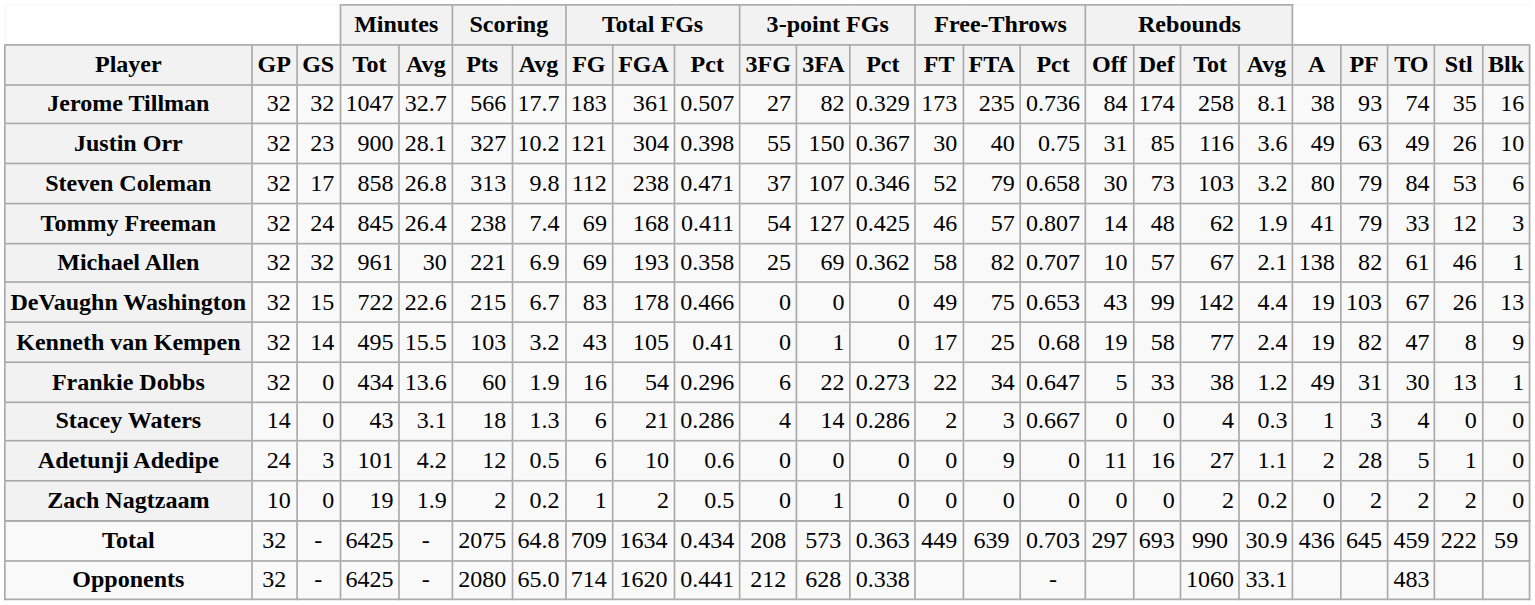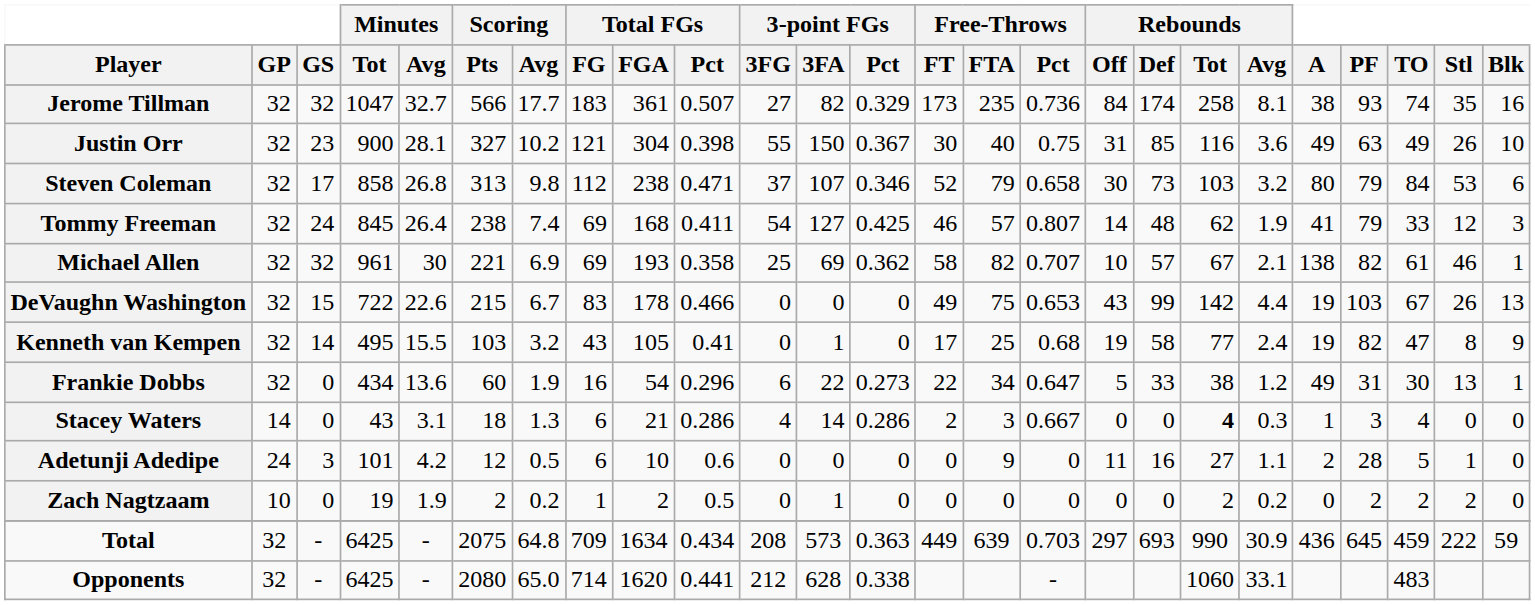 <table class="wikitable sortable" border="1" style="font-size:90%;">
 <tr>
 <th colspan="3" style="border-top-style:hidden; border-left-style:hidden; background: white;"></th>
 <th colspan="2" style=>Minutes</th>
 <th colspan="2" style=>Scoring</th>
 <th colspan="3" style=>Total FGs</th>
 <th colspan="3" style=>3-point FGs</th>
 <th colspan="3" style=>Free-Throws</th>
 <th colspan="4" style=>Rebounds</th>
 <th colspan="5" style="border-top-style:hidden; border-right-style:hidden; background: white;"></th>
 </tr>
 <tr>
 <th scope="col" style=>Player</th>
 <th scope="col" style=>GP</th>
 <th scope="col" style=>GS</th>
 <th scope="col" style=>Tot</th>
 <th scope="col" style=>Avg</th>
 <th scope="col" style=>Pts</th>
 <th scope="col" style=>Avg</th>
 <th scope="col" style=>FG</th>
 <th scope="col" style=>FGA</th>
 <th scope="col" style=>Pct</th>
 <th scope="col" style=>3FG</th>
 <th scope="col" style=>3FA</th>
 <th scope="col" style=>Pct</th>
 <th scope="col" style=>FT</th>
 <th scope="col" style=>FTA</th>
 <th scope="col" style=>Pct</th>
 <th scope="col" style=>Off</th>
 <th scope="col" style=>Def</th>
 <th scope="col" style=>Tot</th>
 <th scope="col" style=>Avg</th>
 <th scope="col" style=>A</th>
 <th scope="col" style=>PF</th>
 <th scope="col" style=>TO</th>
 <th scope="col" style=>Stl</th>
 <th scope="col" style=>Blk</th>
 </tr>
 <tr>
 <th>Jerome Tillman</th>
 <td align="right">32</td>
 <td align="right">32</td>
 <td align="right">1047</td>
 <td align="right">32.7</td>
 <td align="right">566</td>
 <td align="right">17.7</td>
 <td align="right">183</td>
 <td align="right">361</td>
 <td align="right">0.507</td>
 <td align="right">27</td>
 <td align="right">82</td>
 <td align="right">0.329</td>
 <td align="right">173</td>
 <td align="right">235</td>
 <td align="right">0.736</td>
 <td align="right">84</td>
 <td align="right">174</td>
 <td align="right">258</td>
 <td align="right">8.1</td>
 <td align="right">38</td>
 <td align="right">93</td>
 <td align="right">74</td>
 <td align="right">35</td>
 <td align="right">16</td>
 </tr>
 <tr>
 <th>Justin Orr</th>
 <td align="right">32</td>
 <td align="right">23</td>
 <td align="right">900</td>
 <td align="right">28.1</td>
 <td align="right">327</td>
 <td align="right">10.2</td>
 <td align="right">121</td>
 <td align="right">304</td>
 <td align="right">0.398</td>
 <td align="right">55</td>
 <td align="right">150</td>
 <td align="right">0.367</td>
 <td align="right">30</td>
 <td align="right">40</td>
 <td align="right">0.75</td>
 <td align="right">31</td>
 <td align="right">85</td>
 <td align="right">116</td>
 <td align="right">3.6</td>
 <td align="right">49</td>
 <td align="right">63</td>
 <td align="right">49</td>
 <td align="right">26</td>
 <td align="right">10</td>
 </tr>
 <tr>
 <th>Steven Coleman</th>
 <td align="right">32</td>
 <td align="right">17</td>
 <td align="right">858</td>
 <td align="right">26.8</td>
 <td align="right">313</td>
 <td align="right">9.8</td>
 <td align="right">112</td>
 <td align="right">238</td>
 <td align="right">0.471</td>
 <td align="right">37</td>
 <td align="right">107</td>
 <td align="right">0.346</td>
 <td align="right">52</td>
 <td align="right">79</td>
 <td align="right">0.658</td>
 <td align="right">30</td>
 <td align="right">73</td>
 <td align="right">103</td>
 <td align="right">3.2</td>
 <td align="right">80</td>
 <td align="right">79</td>
 <td align="right">84</td>
 <td align="right">53</td>
 <td align="right">6</td>
 </tr>
 <tr>
 <th>Tommy Freeman</th>
 <td align="right">32</td>
 <td align="right">24</td>
 <td align="right">845</td>
 <td align="right">26.4</td>
 <td align="right">238</td>
 <td align="right">7.4</td>
 <td align="right">69</td>
 <td align="right">168</td>
 <td align="right">0.411</td>
 <td align="right">54</td>
 <td align="right">127</td>
 <td align="right">0.425</td>
 <td align="right">46</td>
 <td align="right">57</td>
 <td align="right">0.807</td>
 <td align="right">14</td>
 <td align="right">48</td>
 <td align="right">62</td>
 <td align="right">1.9</td>
 <td align="right">41</td>
 <td align="right">79</td>
 <td align="right">33</td>
 <td align="right">12</td>
 <td align="right">3</td>
 </tr>
 <tr>
 <th>Michael Allen</th>
 <td align="right">32</td>
 <td align="right">32</td>
 <td align="right">961</td>
 <td align="right">30</td>
 <td align="right">221</td>
 <td align="right">6.9</td>
 <td align="right">69</td>
 <td align="right">193</td>
 <td align="right">0.358</td>
 <td align="right">25</td>
 <td align="right">69</td>
 <td align="right">0.362</td>
 <td align="right">58</td>
 <td align="right">82</td>
 <td align="right">0.707</td>
 <td align="right">10</td>
 <td align="right">57</td>
 <td align="right">67</td>
 <td align="right">2.1</td>
 <td align="right">138</td>
 <td align="right">82</td>
 <td align="right">61</td>
 <td align="right">46</td>
 <td align="right">1</td>
 </tr>
 <tr>
 <th>DeVaughn Washington</th>
 <td align="right">32</td>
 <td align="right">15</td>
 <td align="right">722</td>
 <td align="right">22.6</td>
 <td align="right">215</td>
 <td align="right">6.7</td>
 <td align="right">83</td>
 <td align="right">178</td>
 <td align="right">0.466</td>
 <td align="right">0</td>
 <td align="right">0</td>
 <td align="right">0</td>
 <td align="right">49</td>
 <td align="right">75</td>
 <td align="right">0.653</td>
 <td align="right">43</td>
 <td align="right">99</td>
 <td align="right">142</td>
 <td align="right">4.4</td>
 <td align="right">19</td>
 <td align="right">103</td>
 <td align="right">67</td>
 <td align="right">26</td>
 <td align="right">13</td>
 </tr>
 <tr>
 <th>Kenneth van Kempen</th>
 <td align="right">32</td>
 <td align="right">14</td>
 <td align="right">495</td>
 <td align="right">15.5</td>
 <td align="right">103</td>
 <td align="right">3.2</td>
 <td align="right">43</td>
 <td align="right">105</td>
 <td align="right">0.41</td>
 <td align="right">0</td>
 <td align="right">1</td>
 <td align="right">0</td>
 <td align="right">17</td>
 <td align="right">25</td>
 <td align="right">0.68</td>
 <td align="right">19</td>
 <td align="right">58</td>
 <td align="right">77</td>
 <td align="right">2.4</td>
 <td align="right">19</td>
 <td align="right">82</td>
 <td align="right">47</td>
 <td align="right">8</td>
 <td align="right">9</td>
 </tr>
 <tr>
 <th>Frankie Dobbs</th>
 <td align="right">32</td>
 <td align="right">0</td>
 <td align="right">434</td>
 <td align="right">13.6</td>
 <td align="right">60</td>
 <td align="right">1.9</td>
 <td align="right">16</td>
 <td align="right">54</td>
 <td align="right">0.296</td>
 <td align="right">6</td>
 <td align="right">22</td>
 <td align="right">0.273</td>
 <td align="right">22</td>
 <td align="right">34</td>
 <td align="right">0.647</td>
 <td align="right">5</td>
 <td align="right">33</td>
 <td align="right">38</td>
 <td align="right">1.2</td>
 <td align="right">49</td>
 <td align="right">31</td>
 <td align="right">30</td>
 <td align="right">13</td>
 <td align="right">1</td>
 </tr>
 <tr>
 <th>Stacey Waters</th>
 <td align="right">14</td>
 <td align="right">0</td>
 <td align="right">43</td>
 <td align="right">3.1</td>
 <td align="right">18</td>
 <td align="right">1.3</td>
 <td align="right">6</td>
 <td align="right">21</td>
 <td align="right">0.286</td>
 <td align="right">4</td>
 <td align="right">14</td>
 <td align="right">0.286</td>
 <td align="right">2</td>
 <td align="right">3</td>
 <td align="right">0.667</td>
 <td align="right">0</td>
 <td align="right">0</td>
-<td align="right">4</td>
+<td align="right"><strong>4</strong></td>
 <td align="right">0.3</td>
 <td align="right">1</td>
 <td align="right">3</td>
 <td align="right">4</td>
 <td align="right">0</td>
 <td align="right">0</td>
 </tr>
 <tr>
 <th>Adetunji Adedipe</th>
 <td align="right">24</td>
 <td align="right">3</td>
 <td align="right">101</td>
 <td align="right">4.2</td>
 <td align="right">12</td>
 <td align="right">0.5</td>
 <td align="right">6</td>
 <td align="right">10</td>
 <td align="right">0.6</td>
 <td align="right">0</td>
 <td align="right">0</td>
 <td align="right">0</td>
 <td align="right">0</td>
 <td align="right">9</td>
 <td align="right">0</td>
 <td align="right">11</td>
 <td align="right">16</td>
 <td align="right">27</td>
 <td align="right">1.1</td>
 <td align="right">2</td>
 <td align="right">28</td>
 <td align="right">5</td>
 <td align="right">1</td>
 <td align="right">0</td>
 </tr>
 <tr>
 <th>Zach Nagtzaam</th>
 <td align="right">10</td>
 <td align="right">0</td>
 <td align="right">19</td>
 <td align="right">1.9</td>
 <td align="right">2</td>
 <td align="right">0.2</td>
 <td align="right">1</td>
 <td align="right">2</td>
 <td align="right">0.5</td>
 <td align="right">0</td>
 <td align="right">1</td>
 <td align="right">0</td>
 <td align="right">0</td>
 <td align="right">0</td>
 <td align="right">0</td>
 <td align="right">0</td>
 <td align="right">0</td>
 <td align="right">2</td>
 <td align="right">0.2</td>
 <td align="right">0</td>
 <td align="right">2</td>
 <td align="right">2</td>
 <td align="right">2</td>
 <td align="right">0</td>
 </tr>
 <tr>
 </tr>
 <tr class="sortbottom">
 <td align="center" style=><strong>Total</strong></td>
 <td align="center" style=>32</td>
 <td align="center" style=>-</td>
 <td align="center" style=>6425</td>
 <td align="center" style=>-</td>
 <td align="center" style=>2075</td>
 <td align="center" style=>64.8</td>
 <td align="center" style=>709</td>
 <td align="center" style=>1634</td>
 <td align="center" style=>0.434</td>
 <td align="center" style=>208</td>
 <td align="center" style=>573</td>
 <td align="center" style=>0.363</td>
 <td align="center" style=>449</td>
 <td align="center" style=>639</td>
 <td align="center" style=>0.703</td>
 <td align="center" style=>297</td>
 <td align="center" style=>693</td>
 <td align="center" style=>990</td>
 <td align="center" style=>30.9</td>
 <td align="center" style=>436</td>
 <td align="center" style=>645</td>
 <td align="center" style=>459</td>
 <td align="center" style=>222</td>
 <td align="center" style=>59</td>
 </tr>
 <tr class="sortbottom">
 <td align="center"><strong>Opponents</strong></td>
 <td align="center">32</td>
 <td align="center">-</td>
 <td align="center">6425</td>
 <td align="center">-</td>
 <td align="center">2080</td>
 <td align="center">65.0</td>
 <td align="center">714</td>
 <td align="center">1620</td>
 <td align="center">0.441</td>
 <td align="center">212</td>
 <td align="center">628</td>
 <td align="center">0.338</td>
 <td align="center"></td>
 <td align="center"></td>
 <td align="center">-</td>
 <td align="center"></td>
 <td align="center"></td>
 <td align="center">1060</td>
 <td align="center">33.1</td>
 <td align="center"></td>
 <td align="center"></td>
 <td align="center">483</td>
 <td align="center"></td>
 <td align="center"></td>
 </tr>
 </table>
